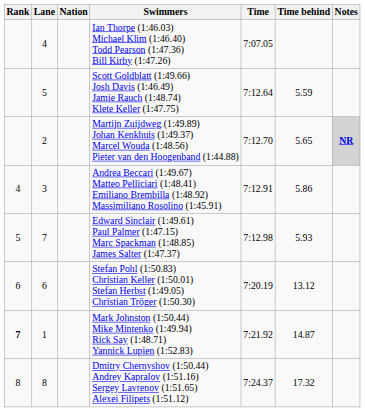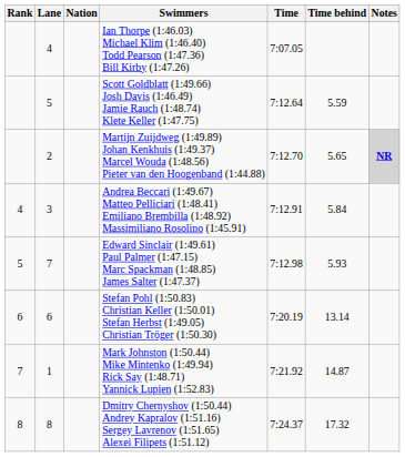 <table class="wikitable sortable" style="text-align:center">
 <tr>
 <th>Rank</th>
 <th>Lane</th>
 <th>Nation</th>
 <th>Swimmers</th>
 <th>Time</th>
 <th>Time behind</th>
 <th>Notes</th>
 </tr>
 <tr>
 <td></td>
 <td>4</td>
 <td align=left></td>
 <td align=left><a href='#'>Ian Thorpe</a> (1:46.03)<br><a href='#'>Michael Klim</a> (1:46.40)<br><a href='#'>Todd Pearson</a> (1:47.36)<br><a href='#'>Bill Kirby</a> (1:47.26)</td>
 <td>7:07.05</td>
 <td></td>
 <td></td>
 </tr>
 <tr>
 <td></td>
 <td>5</td>
 <td align=left></td>
 <td align=left><a href='#'>Scott Goldblatt</a> (1:49.66)<br><a href='#'>Josh Davis</a> (1:46.49)<br><a href='#'>Jamie Rauch</a> (1:48.74)<br><a href='#'>Klete Keller</a> (1:47.75)</td>
 <td>7:12.64</td>
 <td>5.59</td>
 <td></td>
 </tr>
 <tr>
 <td></td>
 <td>2</td>
 <td align=left></td>
 <td align=left><a href='#'>Martijn Zuijdweg</a> (1:49.89)<br><a href='#'>Johan Kenkhuis</a> (1:49.37)<br><a href='#'>Marcel Wouda</a> (1:48.56)<br><a href='#'>Pieter van den Hoogenband</a> (1:44.88)</td>
 <td>7:12.70</td>
 <td>5.65</td>
 <td style="background: lightgrey;"><strong><a href='#'>NR</a></strong></td>
 </tr>
 <tr>
 <td>4</td>
 <td>3</td>
 <td align=left></td>
 <td align=left><a href='#'>Andrea Beccari</a> (1:49.67)<br><a href='#'>Matteo Pelliciari</a> (1:48.41)<br><a href='#'>Emiliano Brembilla</a> (1:48.92)<br><a href='#'>Massimiliano Rosolino</a> (1:45.91)</td>
 <td>7:12.91</td>
-<td>5.86</td>
+<td>5.84</td>
 <td></td>
 </tr>
 <tr>
 <td>5</td>
 <td>7</td>
 <td align=left></td>
 <td align=left><a href='#'>Edward Sinclair</a> (1:49.61)<br><a href='#'>Paul Palmer</a> (1:47.15)<br><a href='#'>Marc Spackman</a> (1:48.85)<br><a href='#'>James Salter</a> (1:47.37)</td>
 <td>7:12.98</td>
 <td>5.93</td>
 <td></td>
 </tr>
 <tr>
 <td>6</td>
 <td>6</td>
 <td align=left></td>
 <td align=left><a href='#'>Stefan Pohl</a> (1:50.83)<br><a href='#'>Christian Keller</a> (1:50.01)<br><a href='#'>Stefan Herbst</a> (1:49.05)<br><a href='#'>Christian Tröger</a> (1:50.30)</td>
 <td>7:20.19</td>
-<td>13.12</td>
+<td>13.14</td>
 <td></td>
 </tr>
 <tr>
-<td><strong>7</strong></td>
+<td>7</td>
 <td>1</td>
 <td align=left></td>
 <td align=left><a href='#'>Mark Johnston</a> (1:50.44)<br><a href='#'>Mike Mintenko</a> (1:49.94)<br><a href='#'>Rick Say</a> (1:48.71)<br><a href='#'>Yannick Lupien</a> (1:52.83)</td>
 <td>7:21.92</td>
 <td>14.87</td>
 <td></td>
 </tr>
 <tr>
 <td>8</td>
 <td>8</td>
 <td align=left></td>
 <td align=left><a href='#'>Dmitry Chernyshov</a> (1:50.44)<br><a href='#'>Andrey Kapralov</a> (1:51.16)<br><a href='#'>Sergey Lavrenov</a> (1:51.65)<br><a href='#'>Alexei Filipets</a> (1:51.12)</td>
 <td>7:24.37</td>
 <td>17.32</td>
 <td></td>
 </tr>
 </table>
